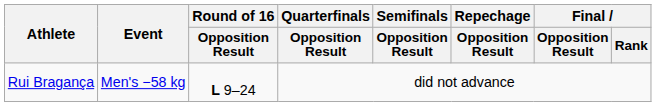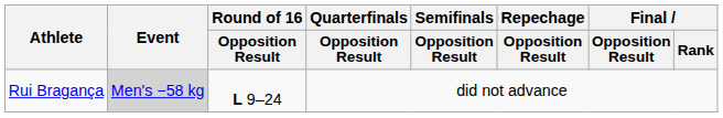 <table class="wikitable" style="font-size:90%;">
 <tr>
 <th rowspan=2>Athlete</th>
 <th rowspan=2>Event</th>
 <th>Round of 16</th>
 <th>Quarterfinals</th>
 <th>Semifinals</th>
 <th>Repechage</th>
 <th colspan=2>Final / </th>
 </tr>
 <tr style="font-size:95%">
 <th>Opposition<br>Result</th>
 <th>Opposition<br>Result</th>
 <th>Opposition<br>Result</th>
 <th>Opposition<br>Result</th>
 <th>Opposition<br>Result</th>
 <th>Rank</th>
 </tr>
 <tr align=center>
 <td align=left><a href='#'>Rui Bragança</a></td>
-<td align=left><a href='#'>Men's −58 kg</a></td>
+<td align=left style="background: lightgrey;"><a href='#'>Men's −58 kg</a></td>
 <td><br><strong>L</strong> 9–24</td>
 <td colspan=5>did not advance</td>
 </tr>
 </table>
